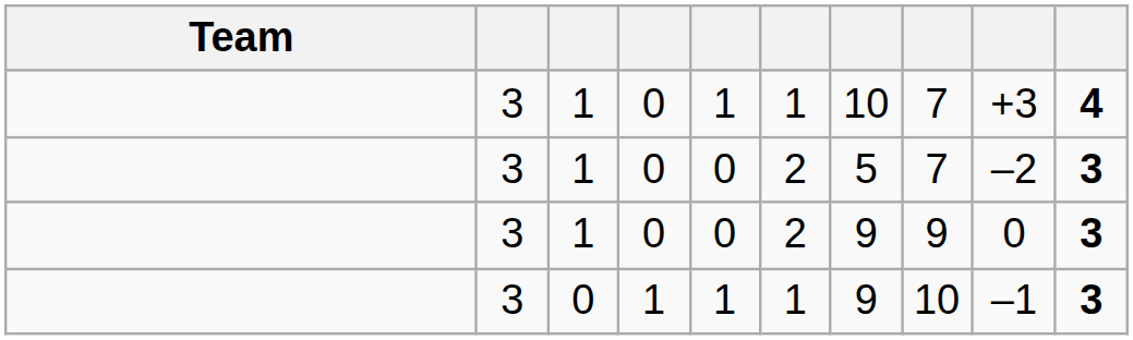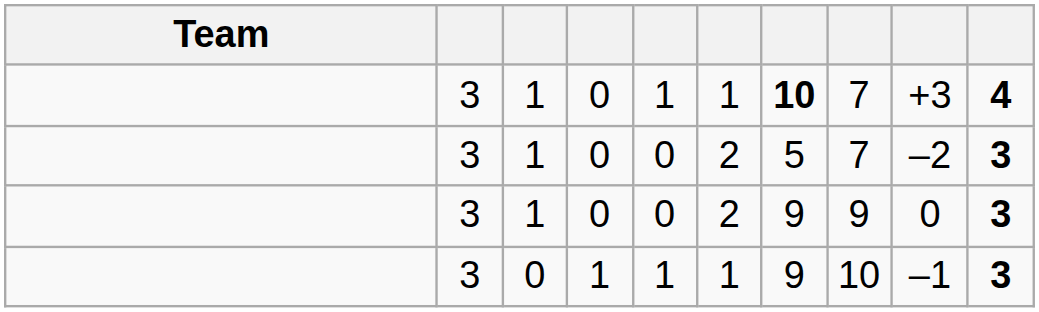 <table class="wikitable" style="text-align: center;">
 <tr>
 <th style="width:175px;">Team</th>
 <th width="20"></th>
 <th width="20"></th>
 <th width="20"></th>
 <th width="20"></th>
 <th width="20"></th>
 <th width="20"></th>
 <th width="20"></th>
 <th width="25"></th>
 <th width="20"></th>
 </tr>
 <tr>
 <td align=left></td>
 <td>3</td>
 <td>1</td>
 <td>0</td>
 <td>1</td>
 <td>1</td>
-<td>10</td>
+<td><strong>10</strong></td>
 <td>7</td>
 <td>+3</td>
 <td><strong>4</strong></td>
 </tr>
 <tr>
 <td align=left></td>
 <td>3</td>
 <td>1</td>
 <td>0</td>
 <td>0</td>
 <td>2</td>
 <td>5</td>
 <td>7</td>
 <td>–2</td>
 <td><strong>3</strong></td>
 </tr>
 <tr>
 <td align=left></td>
 <td>3</td>
 <td>1</td>
 <td>0</td>
 <td>0</td>
 <td>2</td>
 <td>9</td>
 <td>9</td>
 <td>0</td>
 <td><strong>3</strong></td>
 </tr>
 <tr>
 <td align=left></td>
 <td>3</td>
 <td>0</td>
 <td>1</td>
 <td>1</td>
 <td>1</td>
 <td>9</td>
 <td>10</td>
 <td>–1</td>
 <td><strong>3</strong></td>
 </tr>
 </table>
